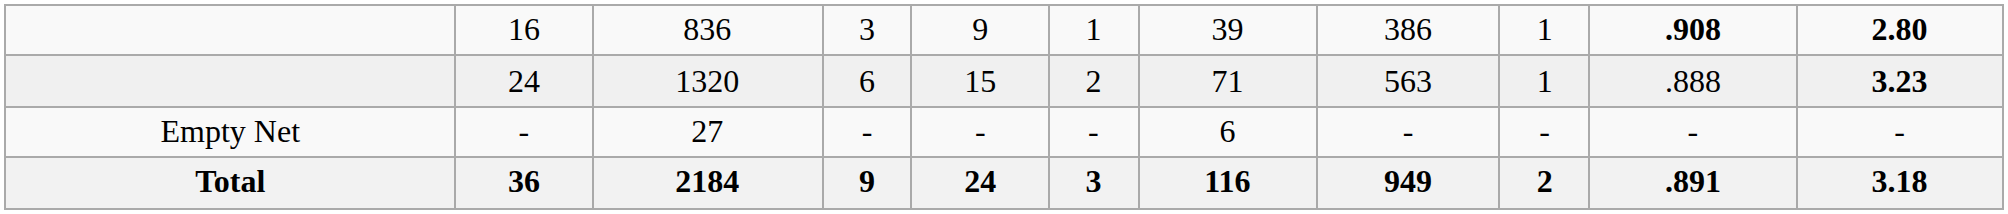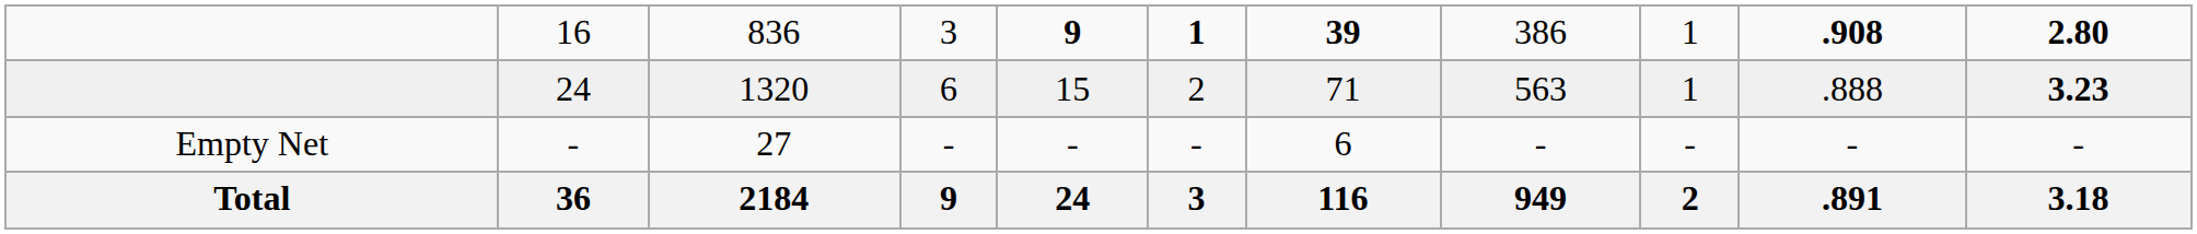 <table class="wikitable sortable" width ="1000">
 <tr align="center">
 </tr>
 <tr align="center" bgcolor="">
 <td></td>
 <td>16</td>
 <td>836</td>
 <td>3</td>
-<td>9</td>
-<td>1</td>
-<td>39</td>
+<td><strong>9</strong></td>
+<td><strong>1</strong></td>
+<td><strong>39</strong></td>
 <td>386</td>
 <td>1</td>
 <td><strong>.908</strong></td>
 <td><strong>2.80</strong></td>
 </tr>
 <tr align="center" bgcolor="f0f0f0">
 <td></td>
 <td>24</td>
 <td>1320</td>
 <td>6</td>
 <td>15</td>
 <td>2</td>
 <td>71</td>
 <td>563</td>
 <td>1</td>
 <td>.888</td>
 <td><strong>3.23</strong></td>
 </tr>
 <tr align="center" bgcolor="">
 <td>Empty Net</td>
 <td>-</td>
 <td>27</td>
 <td>-</td>
 <td>-</td>
 <td>-</td>
 <td>6</td>
 <td>-</td>
 <td>-</td>
 <td>-</td>
 <td>-</td>
 </tr>
 <tr>
 <th>Total</th>
 <th>36</th>
 <th>2184</th>
 <th>9</th>
 <th>24</th>
 <th>3</th>
 <th>116</th>
 <th>949</th>
 <th>2</th>
 <th>.891</th>
 <th>3.18</th>
 </tr>
 </table>
